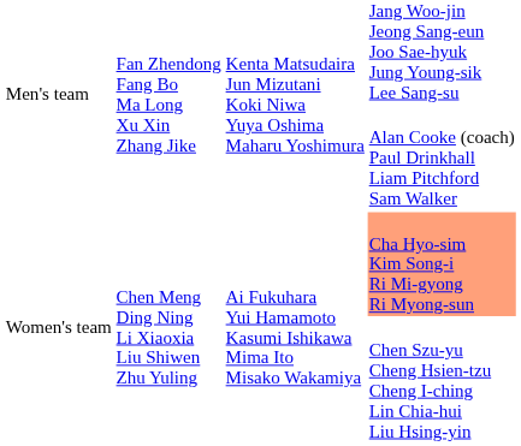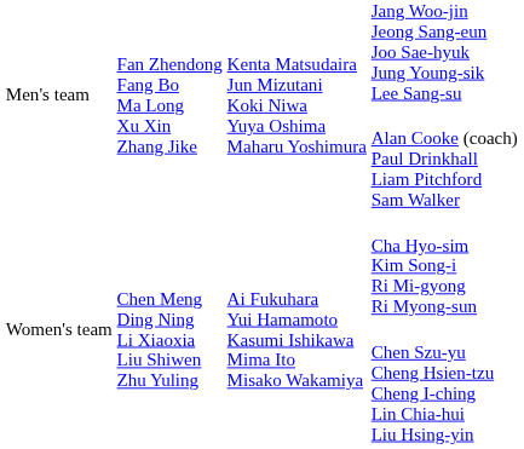 <table>
 <tr>
 <td rowspan=2>Men's team <br></td>
 <td rowspan=2><br><a href='#'>Fan Zhendong</a><br><a href='#'>Fang Bo</a><br><a href='#'>Ma Long</a><br><a href='#'>Xu Xin</a><br><a href='#'>Zhang Jike</a></td>
 <td rowspan=2><br><a href='#'>Kenta Matsudaira</a><br><a href='#'>Jun Mizutani</a><br><a href='#'>Koki Niwa</a><br><a href='#'>Yuya Oshima</a><br><a href='#'>Maharu Yoshimura</a></td>
 <td><br><a href='#'>Jang Woo-jin</a><br><a href='#'>Jeong Sang-eun</a><br><a href='#'>Joo Sae-hyuk</a><br><a href='#'>Jung Young-sik</a><br><a href='#'>Lee Sang-su</a></td>
 </tr>
 <tr>
 <td><br><a href='#'>Alan Cooke</a> (coach)<br><a href='#'>Paul Drinkhall</a><br><a href='#'>Liam Pitchford</a><br><a href='#'>Sam Walker</a></td>
 </tr>
 <tr>
 <td rowspan=2>Women's team <br></td>
 <td rowspan=2><br><a href='#'>Chen Meng</a><br><a href='#'>Ding Ning</a><br><a href='#'>Li Xiaoxia</a><br><a href='#'>Liu Shiwen</a><br><a href='#'>Zhu Yuling</a></td>
 <td rowspan=2><br><a href='#'>Ai Fukuhara</a><br><a href='#'>Yui Hamamoto</a><br><a href='#'>Kasumi Ishikawa</a><br><a href='#'>Mima Ito</a><br><a href='#'>Misako Wakamiya</a></td>
-<td style="background: lightsalmon;"><br><a href='#'>Cha Hyo-sim</a><br><a href='#'>Kim Song-i</a><br><a href='#'>Ri Mi-gyong</a><br><a href='#'>Ri Myong-sun</a></td>
+<td><br><a href='#'>Cha Hyo-sim</a><br><a href='#'>Kim Song-i</a><br><a href='#'>Ri Mi-gyong</a><br><a href='#'>Ri Myong-sun</a></td>
 </tr>
 <tr>
 <td><br><a href='#'>Chen Szu-yu</a><br><a href='#'>Cheng Hsien-tzu</a><br><a href='#'>Cheng I-ching</a><br><a href='#'>Lin Chia-hui</a><br><a href='#'>Liu Hsing-yin</a></td>
 </tr>
 </table>
